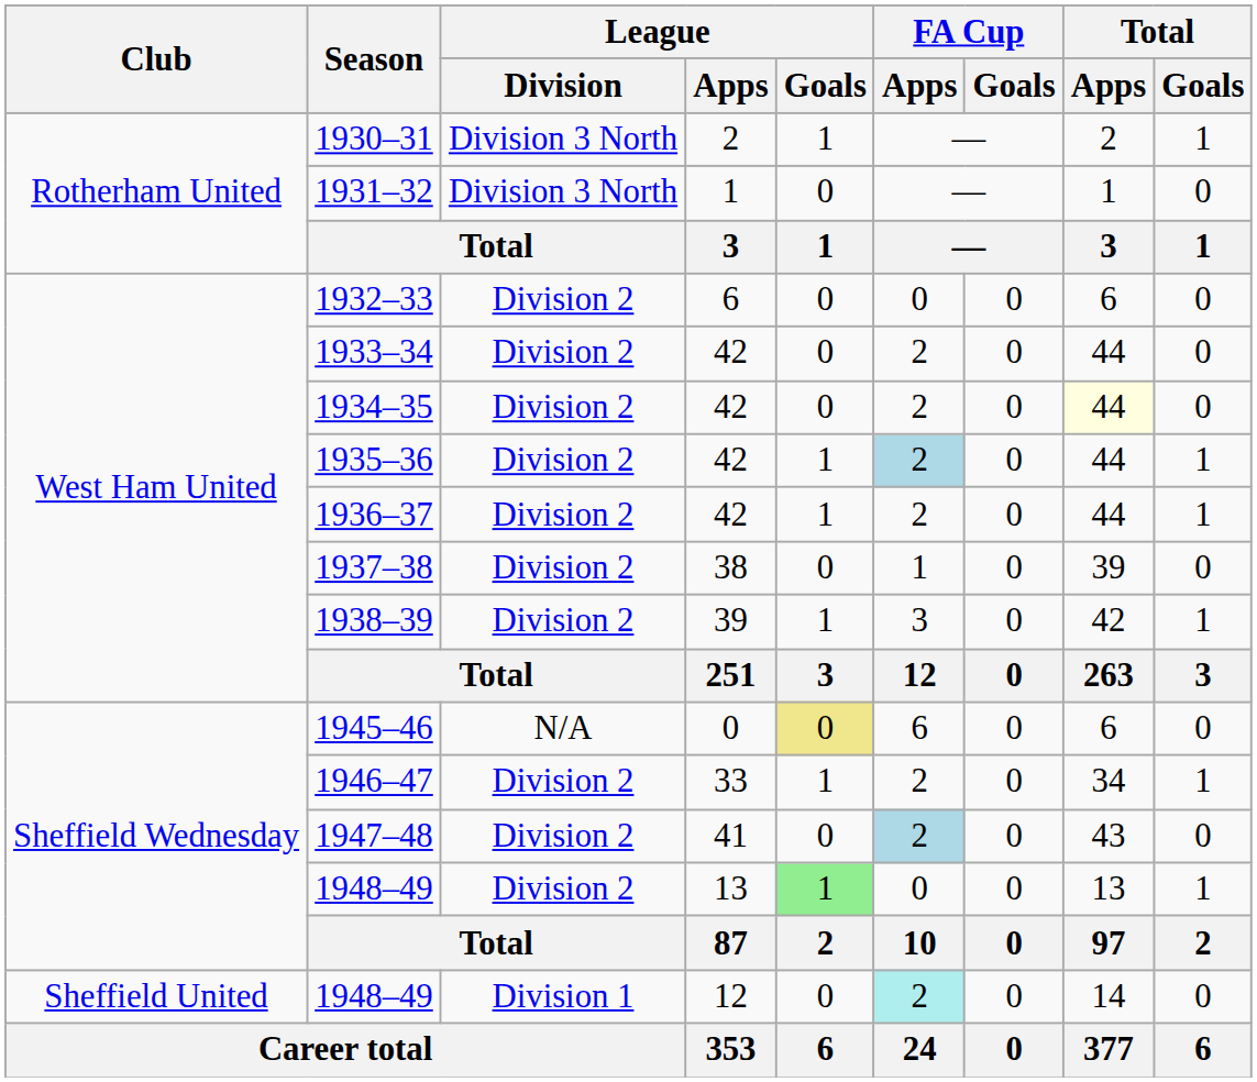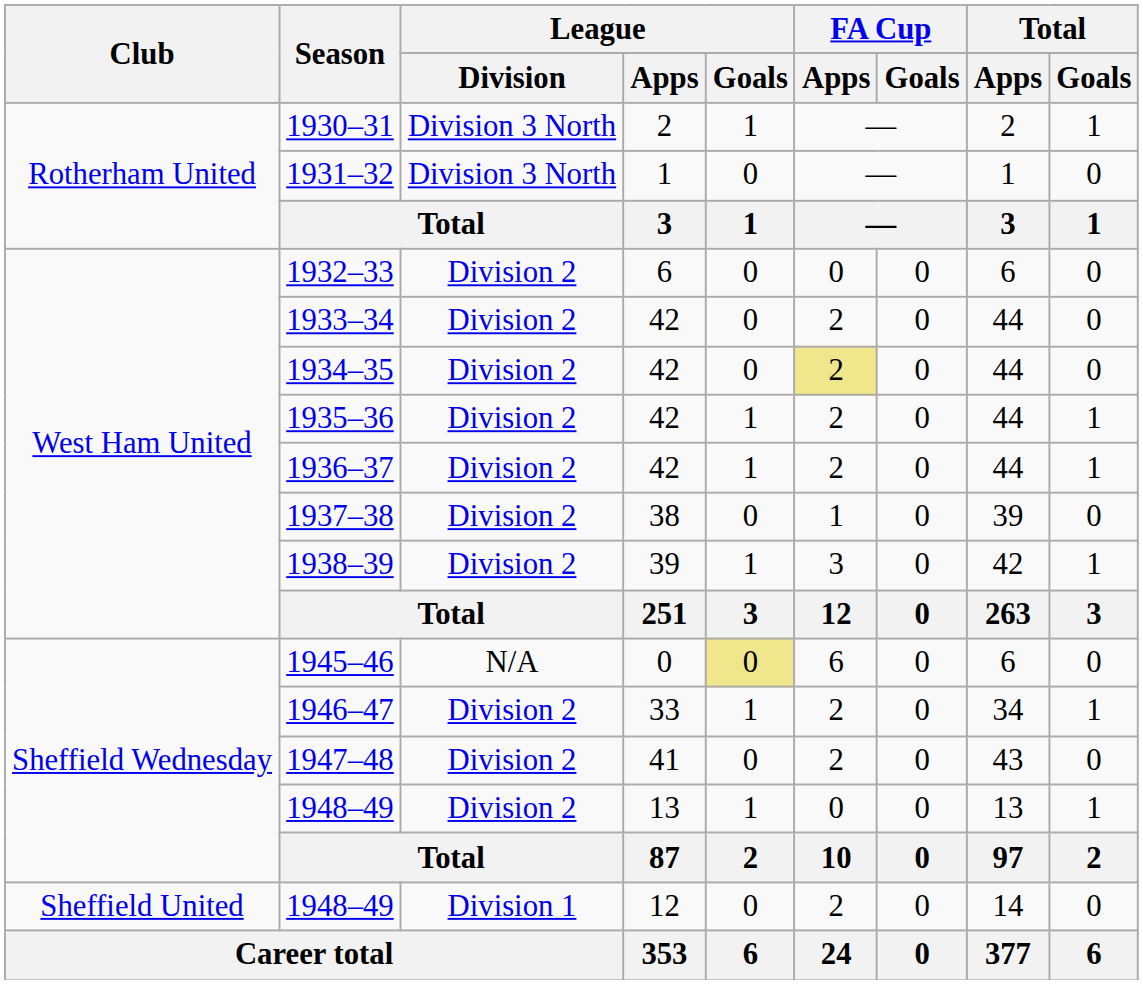 <table class="wikitable" style="text-align:center">
 <tr>
 <th rowspan="2">Club</th>
 <th rowspan="2">Season</th>
 <th colspan="3">League</th>
 <th colspan="2"><a href='#'>FA Cup</a></th>
 <th colspan="2">Total</th>
 </tr>
 <tr>
 <th>Division</th>
 <th>Apps</th>
 <th>Goals</th>
 <th>Apps</th>
 <th>Goals</th>
 <th>Apps</th>
 <th>Goals</th>
 </tr>
 <tr>
 <td rowspan="3"><a href='#'>Rotherham United</a></td>
 <td><a href='#'>1930–31</a></td>
 <td><a href='#'>Division 3 North</a></td>
 <td>2</td>
 <td>1</td>
 <td colspan="2">—</td>
 <td>2</td>
 <td>1</td>
 </tr>
 <tr>
 <td><a href='#'>1931–32</a></td>
 <td><a href='#'>Division 3 North</a></td>
 <td>1</td>
 <td>0</td>
 <td colspan="2">—</td>
 <td>1</td>
 <td>0</td>
 </tr>
 <tr>
 <th colspan="2">Total</th>
 <th>3</th>
 <th>1</th>
 <th colspan="2">—</th>
 <th>3</th>
 <th>1</th>
 </tr>
 <tr>
 <td rowspan="8"><a href='#'>West Ham United</a></td>
 <td><a href='#'>1932–33</a></td>
 <td><a href='#'>Division 2</a></td>
 <td>6</td>
 <td>0</td>
 <td>0</td>
 <td>0</td>
 <td>6</td>
 <td>0</td>
 </tr>
 <tr>
 <td><a href='#'>1933–34</a></td>
 <td><a href='#'>Division 2</a></td>
 <td>42</td>
 <td>0</td>
 <td>2</td>
 <td>0</td>
 <td>44</td>
 <td>0</td>
 </tr>
 <tr>
 <td><a href='#'>1934–35</a></td>
 <td><a href='#'>Division 2</a></td>
 <td>42</td>
 <td>0</td>
-<td>2</td>
+<td style="background: khaki;">2</td>
 <td>0</td>
-<td style="background: lightyellow;">44</td>
+<td>44</td>
 <td>0</td>
 </tr>
 <tr>
 <td><a href='#'>1935–36</a></td>
 <td><a href='#'>Division 2</a></td>
 <td>42</td>
 <td>1</td>
-<td style="background: lightblue;">2</td>
+<td>2</td>
 <td>0</td>
 <td>44</td>
 <td>1</td>
 </tr>
 <tr>
 <td><a href='#'>1936–37</a></td>
 <td><a href='#'>Division 2</a></td>
 <td>42</td>
 <td>1</td>
 <td>2</td>
 <td>0</td>
 <td>44</td>
 <td>1</td>
 </tr>
 <tr>
 <td><a href='#'>1937–38</a></td>
 <td><a href='#'>Division 2</a></td>
 <td>38</td>
 <td>0</td>
 <td>1</td>
 <td>0</td>
 <td>39</td>
 <td>0</td>
 </tr>
 <tr>
 <td><a href='#'>1938–39</a></td>
 <td><a href='#'>Division 2</a></td>
 <td>39</td>
 <td>1</td>
 <td>3</td>
 <td>0</td>
 <td>42</td>
 <td>1</td>
 </tr>
 <tr>
 <th colspan="2">Total</th>
 <th>251</th>
 <th>3</th>
 <th>12</th>
 <th>0</th>
 <th>263</th>
 <th>3</th>
 </tr>
 <tr>
 <td rowspan="5"><a href='#'>Sheffield Wednesday</a></td>
 <td><a href='#'>1945–46</a></td>
 <td>N/A</td>
 <td>0</td>
 <td style="background: khaki;">0</td>
 <td>6</td>
 <td>0</td>
 <td>6</td>
 <td>0</td>
 </tr>
 <tr>
 <td><a href='#'>1946–47</a></td>
 <td><a href='#'>Division 2</a></td>
 <td>33</td>
 <td>1</td>
 <td>2</td>
 <td>0</td>
 <td>34</td>
 <td>1</td>
 </tr>
 <tr>
 <td><a href='#'>1947–48</a></td>
 <td><a href='#'>Division 2</a></td>
 <td>41</td>
 <td>0</td>
-<td style="background: lightblue;">2</td>
+<td>2</td>
 <td>0</td>
 <td>43</td>
 <td>0</td>
 </tr>
 <tr>
 <td><a href='#'>1948–49</a></td>
 <td><a href='#'>Division 2</a></td>
 <td>13</td>
-<td style="background: lightgreen;">1</td>
+<td>1</td>
 <td>0</td>
 <td>0</td>
 <td>13</td>
 <td>1</td>
 </tr>
 <tr>
 <th colspan="2">Total</th>
 <th>87</th>
 <th>2</th>
 <th>10</th>
 <th>0</th>
 <th>97</th>
 <th>2</th>
 </tr>
 <tr>
 <td><a href='#'>Sheffield United</a></td>
 <td><a href='#'>1948–49</a></td>
 <td><a href='#'>Division 1</a></td>
 <td>12</td>
 <td>0</td>
-<td style="background: paleturquoise;">2</td>
+<td>2</td>
 <td>0</td>
 <td>14</td>
 <td>0</td>
 </tr>
 <tr>
 <th colspan="3">Career total</th>
 <th>353</th>
 <th>6</th>
 <th>24</th>
 <th>0</th>
 <th>377</th>
 <th>6</th>
 </tr>
 </table>
